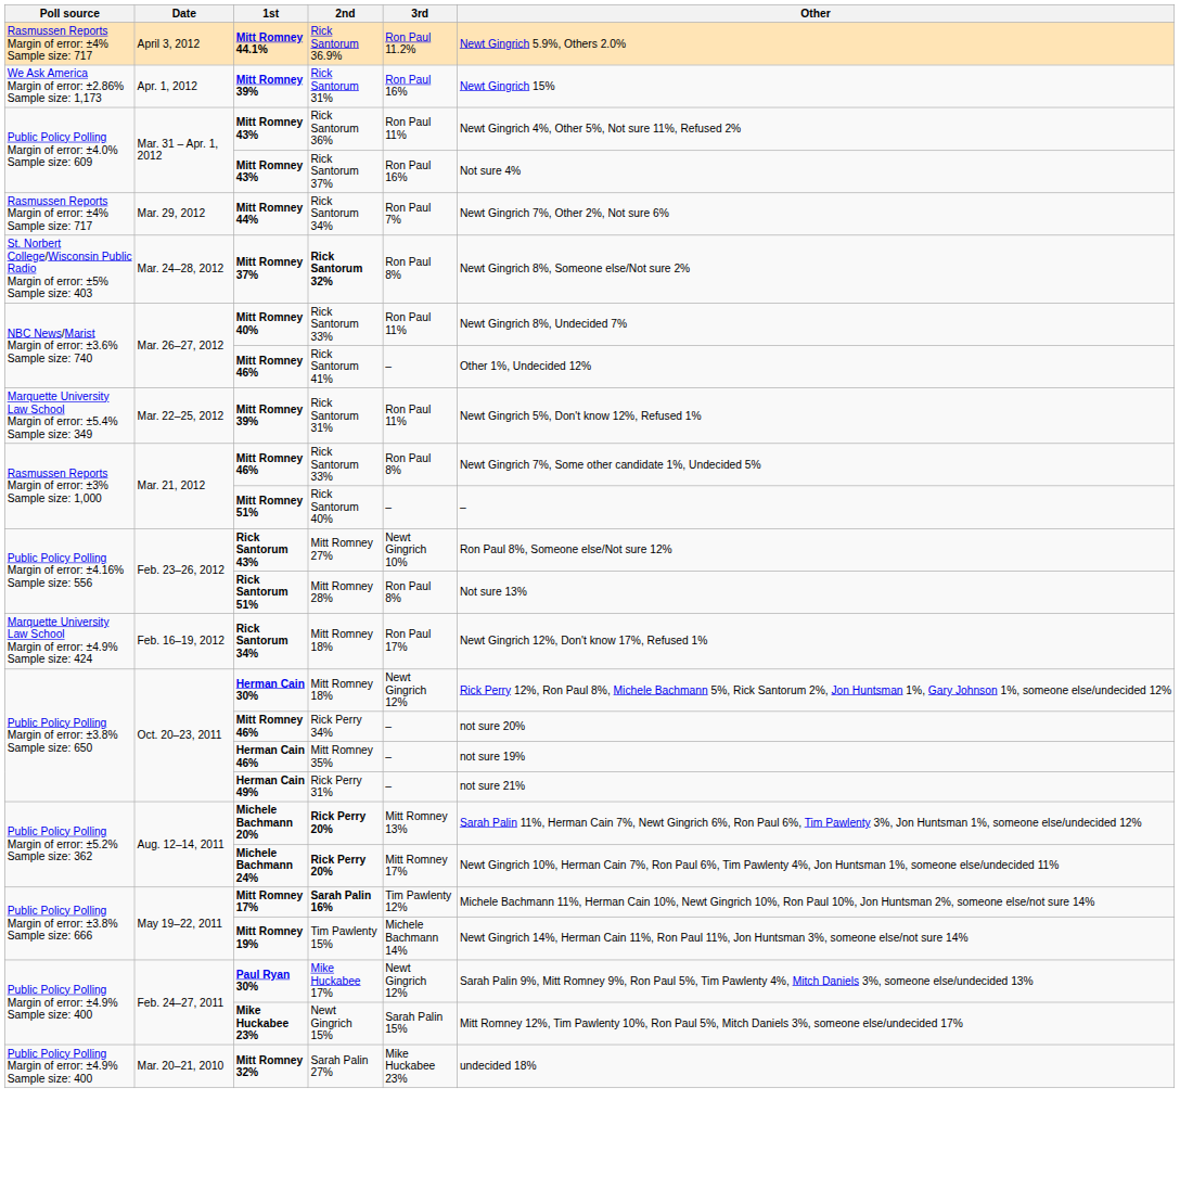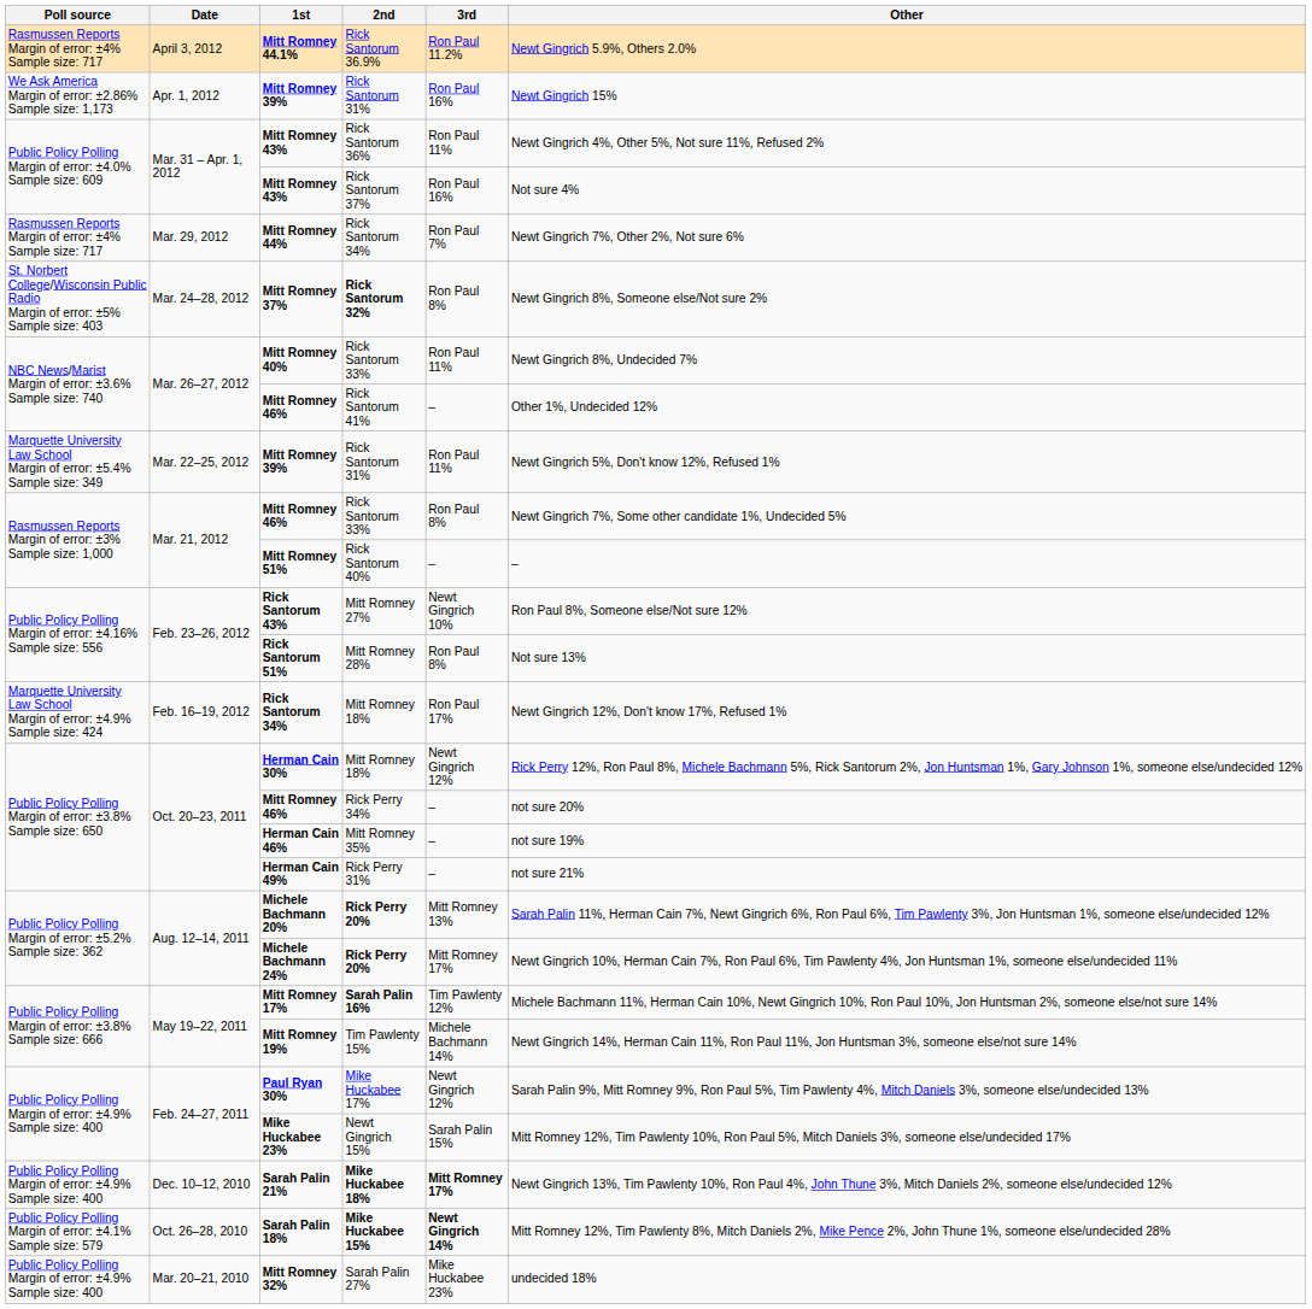 <table class="wikitable">
 <tr>
 <th style="width:180px;">Poll source</th>
 <th style="width:135px;">Date</th>
 <th style="width:100px;">1st</th>
 <th style="width:100px;">2nd</th>
 <th style="width:100px;">3rd</th>
 <th>Other</th>
 </tr>
 <tr style="background:Moccasin;">
 <td><a href='#'>Rasmussen Reports</a><br>Margin of error: ±4% <br>Sample size: 717</td>
 <td>April 3, 2012</td>
 <td><strong><a href='#'>Mitt Romney</a> 44.1% </strong></td>
 <td><a href='#'>Rick Santorum</a><br>36.9%</td>
 <td><a href='#'>Ron Paul</a><br>11.2%</td>
 <td><a href='#'>Newt Gingrich</a> 5.9%, Others 2.0%</td>
 </tr>
 <tr>
 <td><a href='#'>We Ask America</a><br>Margin of error: ±2.86% <br>Sample size: 1,173</td>
 <td>Apr. 1, 2012</td>
 <td><strong><a href='#'>Mitt Romney</a><br> 39%</strong></td>
 <td><a href='#'>Rick Santorum</a><br> 31%</td>
 <td><a href='#'>Ron Paul</a><br> 16%</td>
 <td><a href='#'>Newt Gingrich</a> 15%</td>
 </tr>
 <tr>
 <td rowspan=2><a href='#'>Public Policy Polling</a><br>Margin of error: ±4.0% <br>Sample size: 609</td>
 <td rowspan=2>Mar. 31 – Apr. 1, 2012</td>
 <td><strong>Mitt Romney<br>43%</strong></td>
 <td>Rick Santorum<br>36%</td>
 <td>Ron Paul<br>11%</td>
 <td>Newt Gingrich 4%, Other 5%, Not sure 11%, Refused 2%</td>
 </tr>
 <tr>
 <td><strong>Mitt Romney<br>43%</strong></td>
 <td>Rick Santorum<br>37%</td>
 <td>Ron Paul<br> 16%</td>
 <td>Not sure 4%</td>
 </tr>
 <tr>
 <td><a href='#'>Rasmussen Reports</a><br>Margin of error: ±4% <br>Sample size: 717</td>
 <td>Mar. 29, 2012</td>
 <td><strong>Mitt Romney<br> 44%</strong></td>
 <td>Rick Santorum<br> 34%</td>
 <td>Ron Paul<br> 7%</td>
 <td>Newt Gingrich 7%, Other 2%, Not sure 6%</td>
 </tr>
 <tr>
 <td><a href='#'>St. Norbert College</a>/<a href='#'>Wisconsin Public Radio</a><br>Margin of error: ±5% <br>Sample size: 403</td>
 <td>Mar. 24–28, 2012</td>
 <td><strong>Mitt Romney<br> 37%</strong></td>
 <td><strong>Rick Santorum<br> 32%</strong></td>
 <td>Ron Paul<br> 8%</td>
 <td>Newt Gingrich 8%, Someone else/Not sure 2%</td>
 </tr>
 <tr>
 <td rowspan=2><a href='#'>NBC News</a>/<a href='#'>Marist</a><br>Margin of error: ±3.6% <br>Sample size: 740</td>
 <td rowspan=2>Mar. 26–27, 2012</td>
 <td><strong>Mitt Romney<br>40%</strong></td>
 <td>Rick Santorum<br>33%</td>
 <td>Ron Paul<br>11%</td>
 <td>Newt Gingrich 8%, Undecided 7%</td>
 </tr>
 <tr>
 <td><strong>Mitt Romney<br>46%</strong></td>
 <td>Rick Santorum<br>41%</td>
 <td>–</td>
 <td>Other 1%, Undecided 12%</td>
 </tr>
 <tr>
 <td><a href='#'>Marquette University Law School</a><br>Margin of error: ±5.4% <br>Sample size: 349</td>
 <td>Mar. 22–25, 2012</td>
 <td><strong>Mitt Romney<br> 39%</strong></td>
 <td>Rick Santorum<br> 31%</td>
 <td>Ron Paul<br> 11%</td>
 <td>Newt Gingrich 5%, Don't know 12%, Refused 1%</td>
 </tr>
 <tr>
 <td rowspan=2><a href='#'>Rasmussen Reports</a><br>Margin of error: ±3% <br>Sample size: 1,000</td>
 <td rowspan=2>Mar. 21, 2012</td>
 <td><strong>Mitt Romney<br>46%</strong></td>
 <td>Rick Santorum<br>33%</td>
 <td>Ron Paul<br>8%</td>
 <td>Newt Gingrich 7%, Some other candidate 1%, Undecided 5%</td>
 </tr>
 <tr>
 <td><strong>Mitt Romney<br>51%</strong></td>
 <td>Rick Santorum<br>40%</td>
 <td>–</td>
 <td>–</td>
 </tr>
 <tr>
 <td rowspan=2><a href='#'>Public Policy Polling</a><br>Margin of error: ±4.16% <br>Sample size: 556</td>
 <td rowspan=2>Feb. 23–26, 2012</td>
 <td><strong>Rick Santorum<br> 43%</strong></td>
 <td>Mitt Romney<br> 27%</td>
 <td>Newt Gingrich<br> 10%</td>
 <td>Ron Paul 8%, Someone else/Not sure 12%</td>
 </tr>
 <tr>
 <td><strong>Rick Santorum<br> 51%</strong></td>
 <td>Mitt Romney<br> 28%</td>
 <td>Ron Paul<br> 8%</td>
 <td>Not sure 13%</td>
 </tr>
 <tr>
 <td><a href='#'>Marquette University Law School</a><br>Margin of error: ±4.9% <br>Sample size: 424</td>
 <td>Feb. 16–19, 2012</td>
 <td><strong>Rick Santorum<br> 34%</strong></td>
 <td>Mitt Romney<br> 18%</td>
 <td>Ron Paul<br> 17%</td>
 <td>Newt Gingrich 12%, Don't know 17%, Refused 1%</td>
 </tr>
 <tr>
 <td rowspan=4><a href='#'>Public Policy Polling</a><br>Margin of error: ±3.8% <br>Sample size: 650</td>
 <td rowspan=4>Oct. 20–23, 2011</td>
 <td><strong><a href='#'>Herman Cain</a><br> 30%</strong></td>
 <td>Mitt Romney<br> 18%</td>
 <td>Newt Gingrich<br> 12%</td>
 <td><a href='#'>Rick Perry</a> 12%, Ron Paul 8%, <a href='#'>Michele Bachmann</a> 5%, Rick Santorum 2%, <a href='#'>Jon Huntsman</a> 1%, <a href='#'>Gary Johnson</a> 1%, someone else/undecided 12%</td>
 </tr>
 <tr>
 <td><strong>Mitt Romney<br> 46%</strong></td>
 <td>Rick Perry<br> 34%</td>
 <td>–</td>
 <td>not sure 20%</td>
 </tr>
 <tr>
 <td><strong>Herman Cain<br> 46%</strong></td>
 <td>Mitt Romney<br> 35%</td>
 <td>–</td>
 <td>not sure 19%</td>
 </tr>
 <tr>
 <td><strong>Herman Cain<br> 49%</strong></td>
 <td>Rick Perry<br> 31%</td>
 <td>–</td>
 <td>not sure 21%</td>
 </tr>
 <tr>
 <td rowspan=2><a href='#'>Public Policy Polling</a><br>Margin of error: ±5.2% <br>Sample size: 362</td>
 <td rowspan=2>Aug. 12–14, 2011</td>
 <td><strong>Michele Bachmann<br> 20%</strong></td>
 <td><strong>Rick Perry<br> 20%</strong></td>
 <td>Mitt Romney<br> 13%</td>
 <td><a href='#'>Sarah Palin</a> 11%, Herman Cain 7%, Newt Gingrich 6%, Ron Paul 6%, <a href='#'>Tim Pawlenty</a> 3%, Jon Huntsman 1%, someone else/undecided 12%</td>
 </tr>
 <tr>
 <td><strong>Michele Bachmann<br> 24%</strong></td>
 <td><strong>Rick Perry<br> 20%</strong></td>
 <td>Mitt Romney<br> 17%</td>
 <td>Newt Gingrich 10%, Herman Cain 7%, Ron Paul 6%, Tim Pawlenty 4%, Jon Huntsman 1%, someone else/undecided 11%</td>
 </tr>
 <tr>
 <td rowspan=2><a href='#'>Public Policy Polling</a><br>Margin of error: ±3.8% <br>Sample size: 666</td>
 <td rowspan=2>May 19–22, 2011</td>
 <td><strong>Mitt Romney<br> 17%</strong></td>
 <td><strong>Sarah Palin<br> 16%</strong></td>
 <td>Tim Pawlenty<br> 12%</td>
 <td>Michele Bachmann 11%, Herman Cain 10%, Newt Gingrich 10%, Ron Paul 10%, Jon Huntsman 2%, someone else/not sure 14%</td>
 </tr>
 <tr>
 <td><strong>Mitt Romney<br> 19%</strong></td>
 <td>Tim Pawlenty<br> 15%</td>
 <td>Michele Bachmann<br> 14%</td>
 <td>Newt Gingrich 14%, Herman Cain 11%, Ron Paul 11%, Jon Huntsman 3%, someone else/not sure 14%</td>
 </tr>
 <tr>
 <td rowspan=2><a href='#'>Public Policy Polling</a><br>Margin of error: ±4.9% <br>Sample size: 400</td>
 <td rowspan=2>Feb. 24–27, 2011</td>
 <td><strong><a href='#'>Paul Ryan</a><br> 30%</strong></td>
 <td><a href='#'>Mike Huckabee</a><br> 17%</td>
 <td>Newt Gingrich<br> 12%</td>
 <td>Sarah Palin 9%, Mitt Romney 9%, Ron Paul 5%, Tim Pawlenty 4%, <a href='#'>Mitch Daniels</a> 3%, someone else/undecided 13%</td>
 </tr>
 <tr>
 <td><strong>Mike Huckabee<br> 23%</strong></td>
 <td>Newt Gingrich<br> 15%</td>
 <td>Sarah Palin<br> 15%</td>
 <td>Mitt Romney 12%, Tim Pawlenty 10%, Ron Paul 5%, Mitch Daniels 3%, someone else/undecided 17%</td>
 </tr>
 <tr>
 <td><a href='#'>Public Policy Polling</a><br>Margin of error: ±4.9% <br>Sample size: 400</td>
+<td>Dec. 10–12, 2010</td>
+<td><strong>Sarah Palin<br> 21%</strong></td>
+<td><strong>Mike Huckabee<br> 18%</strong></td>
+<td><strong>Mitt Romney<br> 17%</strong></td>
+<td>Newt Gingrich 13%, Tim Pawlenty 10%, Ron Paul 4%, <a href='#'>John Thune</a> 3%, Mitch Daniels 2%, someone else/undecided 12%</td>
+</tr>
+<tr>
+<td><a href='#'>Public Policy Polling</a><br>Margin of error: ±4.1% <br>Sample size: 579</td>
+<td>Oct. 26–28, 2010</td>
+<td><strong> Sarah Palin<br> 18%</strong></td>
+<td><strong>Mike Huckabee<br> 15%</strong></td>
+<td><strong>Newt Gingrich<br> 14%</strong></td>
+<td>Mitt Romney 12%, Tim Pawlenty 8%, Mitch Daniels 2%, <a href='#'>Mike Pence</a> 2%, John Thune 1%, someone else/undecided 28%</td>
+</tr>
+<tr>
+<td><a href='#'>Public Policy Polling</a><br>Margin of error: ±4.9% <br>Sample size: 400</td>
 <td>Mar. 20–21, 2010</td>
 <td><strong>Mitt Romney<br> 32%</strong></td>
 <td>Sarah Palin<br> 27%</td>
 <td>Mike Huckabee<br> 23%</td>
 <td>undecided 18%</td>
 </tr>
 </table>
